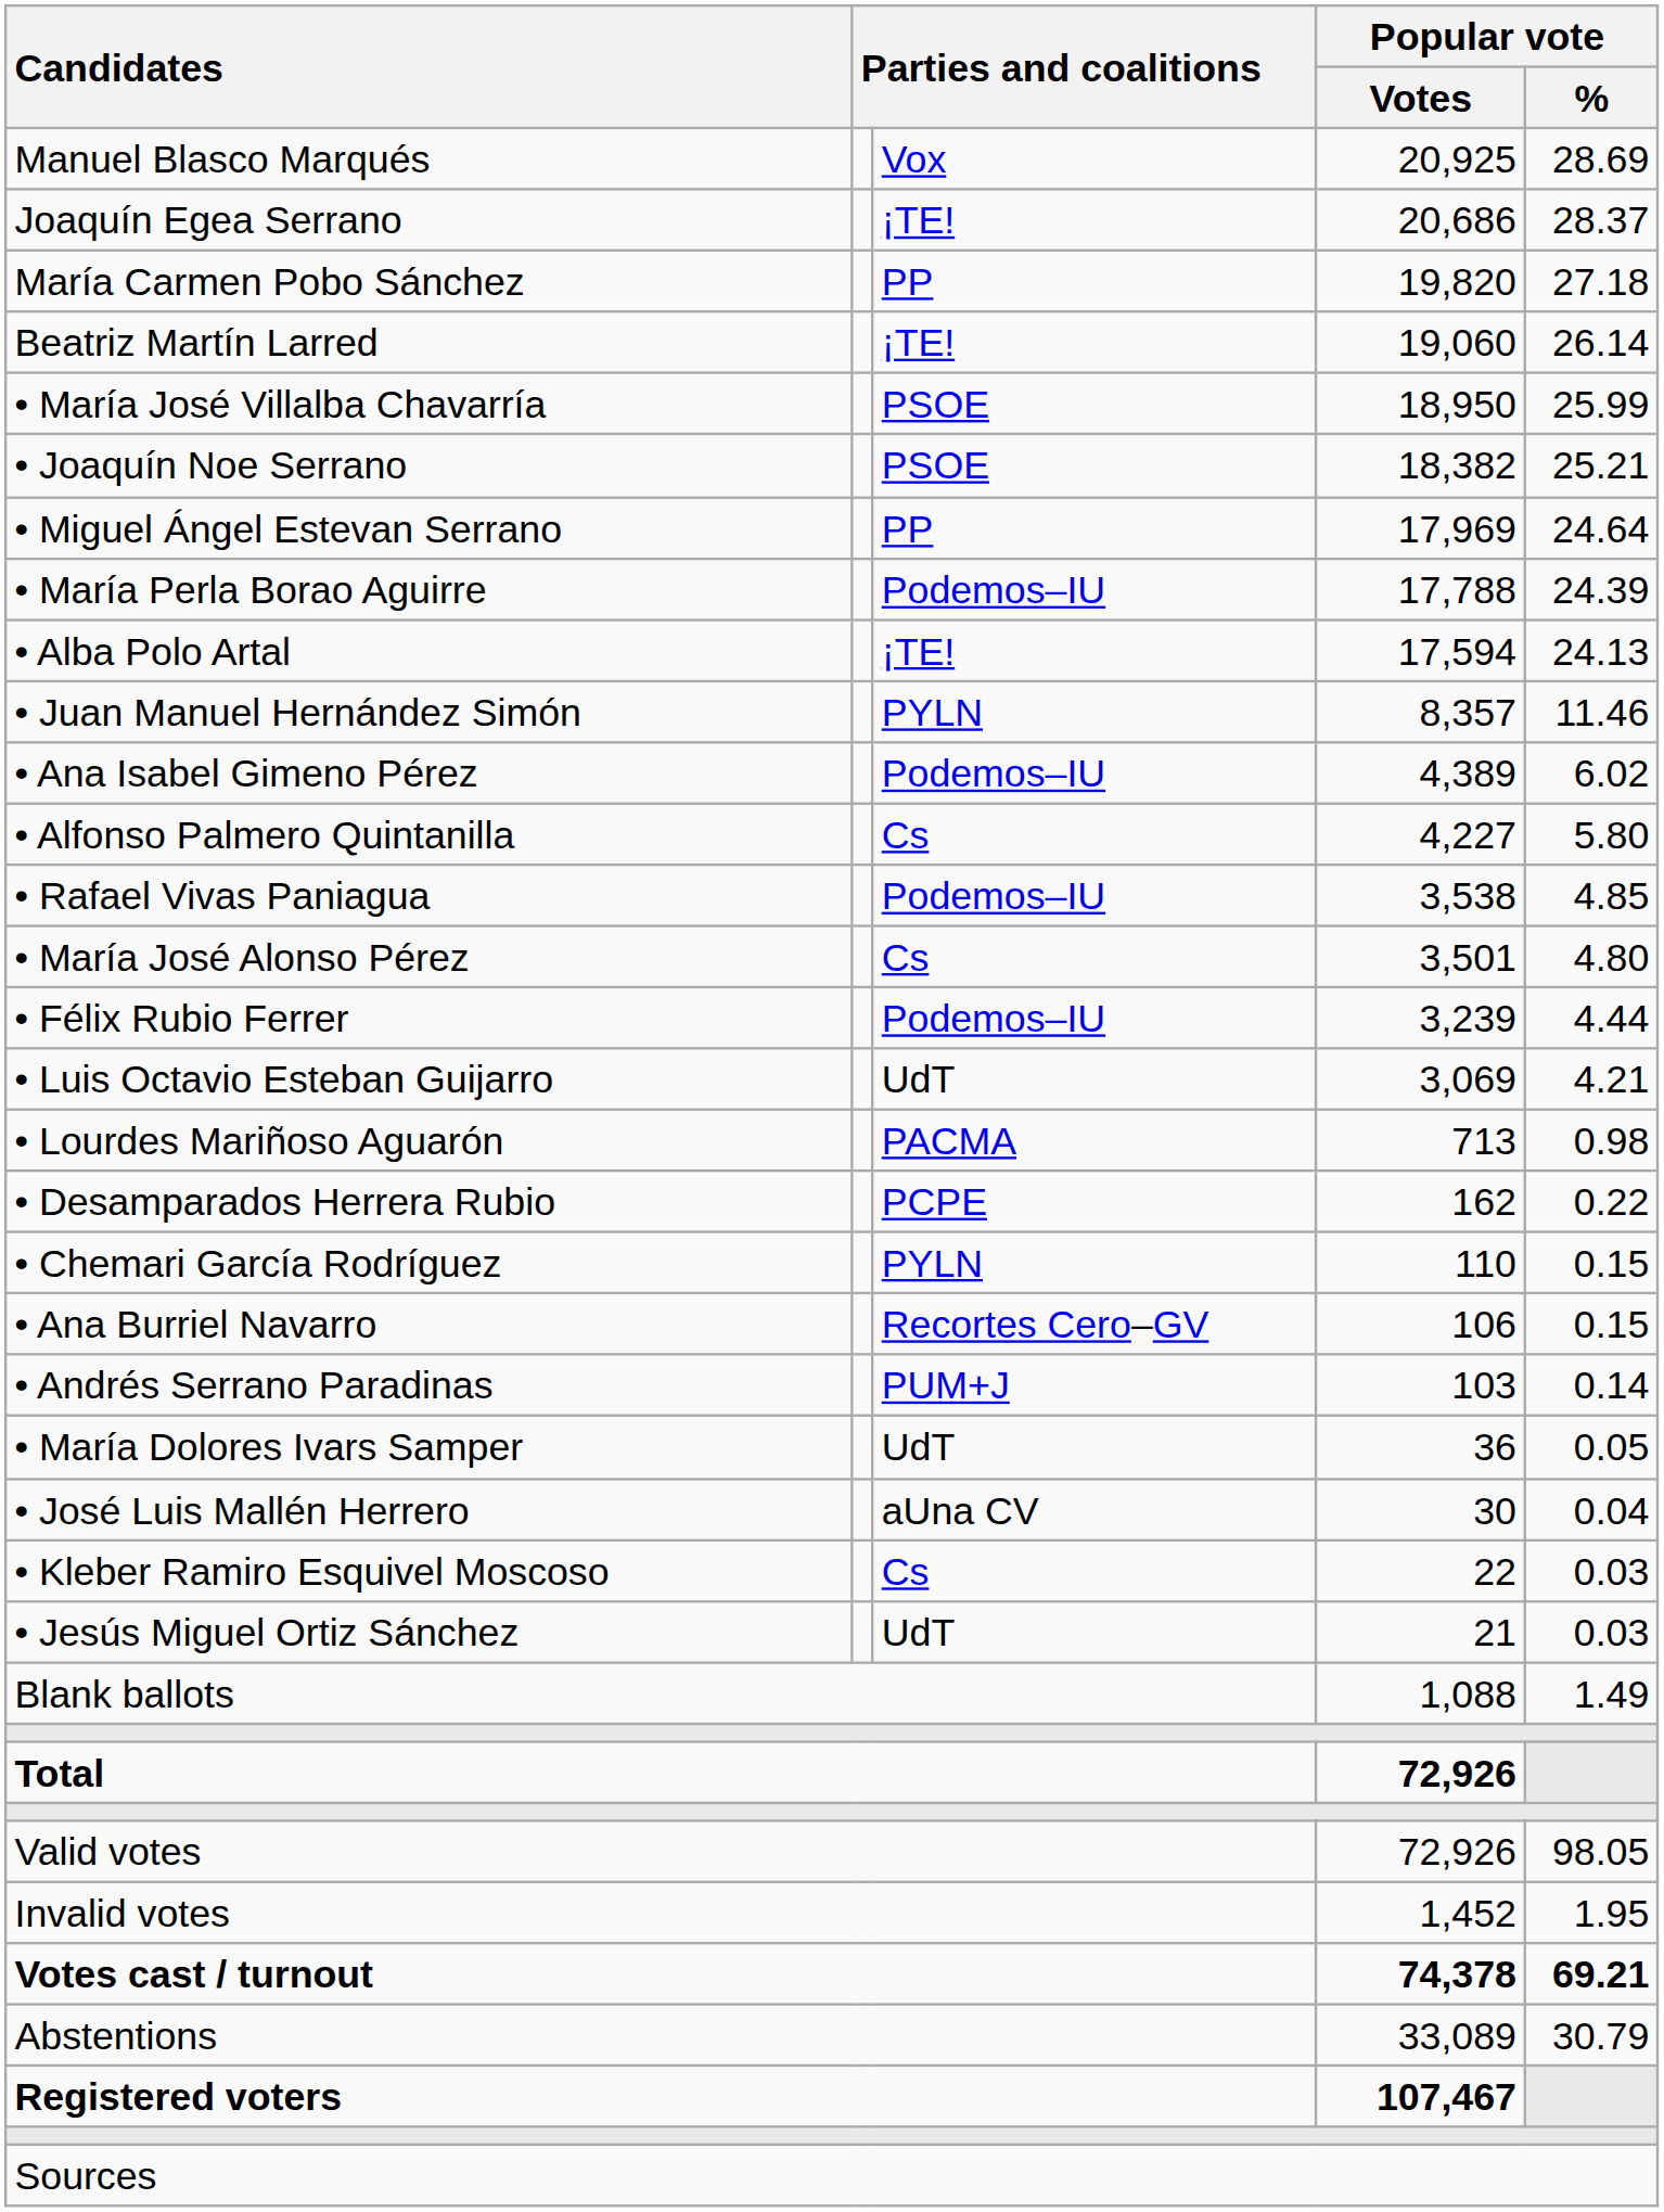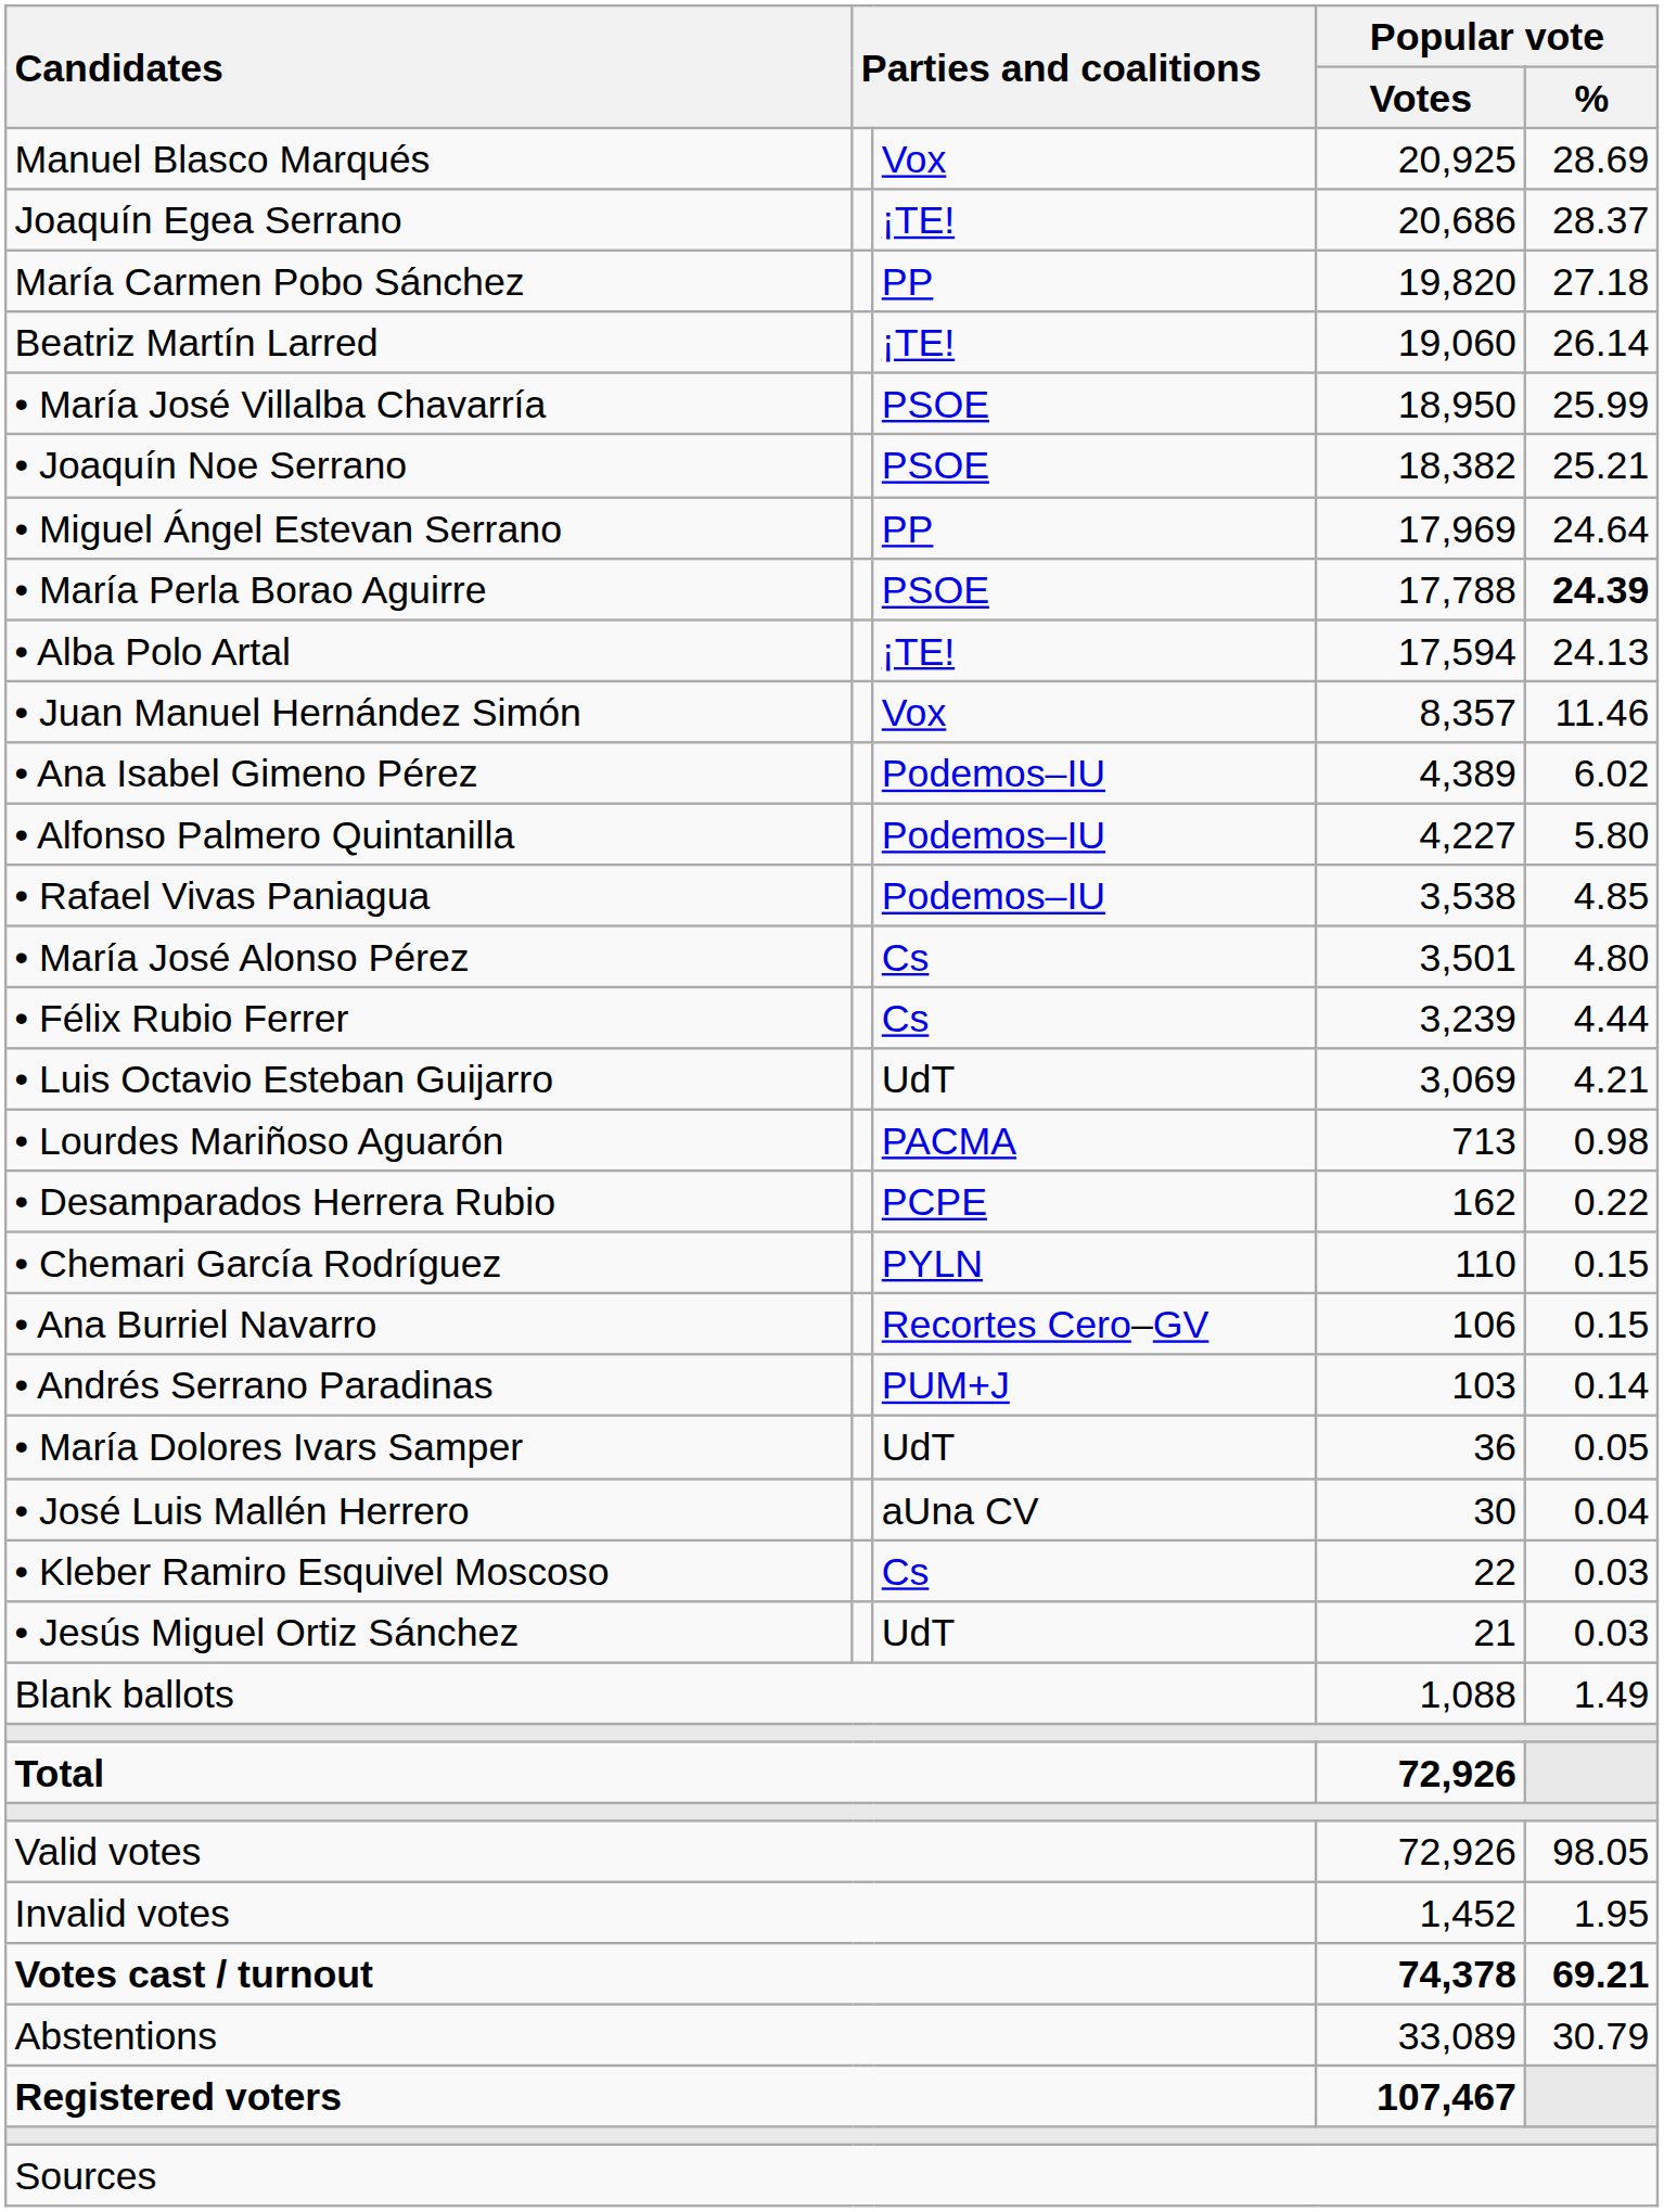 <table class="wikitable" style="text-align:right; font-size:95%;">
 <tr>
 <th style="text-align:left;" rowspan="2" width="325">Candidates</th>
 <th style="text-align:left;" rowspan="2" colspan="2" width="175">Parties and coalitions</th>
 <th colspan="2">Popular vote</th>
 </tr>
 <tr>
 <th width="75">Votes</th>
 <th width="45">%</th>
 </tr>
 <tr>
 <td align="left"> Manuel Blasco Marqués</td>
 <td width="1" style="color:inherit;background:"></td>
 <td align="left"><a href='#'>Vox</a></td>
 <td>20,925</td>
 <td>28.69</td>
 </tr>
 <tr>
 <td align="left"> Joaquín Egea Serrano</td>
 <td style="color:inherit;background:"></td>
 <td align="left"><a href='#'>¡TE!</a></td>
 <td>20,686</td>
 <td>28.37</td>
 </tr>
 <tr>
 <td align="left"> María Carmen Pobo Sánchez</td>
 <td style="color:inherit;background:"></td>
 <td align="left"><a href='#'>PP</a></td>
 <td>19,820</td>
 <td>27.18</td>
 </tr>
 <tr>
 <td align="left"> Beatriz Martín Larred</td>
 <td style="color:inherit;background:"></td>
 <td align="left"><a href='#'>¡TE!</a></td>
 <td>19,060</td>
 <td>26.14</td>
 </tr>
 <tr>
 <td align="left">• María José Villalba Chavarría</td>
 <td style="color:inherit;background:"></td>
 <td align="left"><a href='#'>PSOE</a></td>
 <td>18,950</td>
 <td>25.99</td>
 </tr>
 <tr>
 <td align="left">• Joaquín Noe Serrano</td>
 <td style="color:inherit;background:"></td>
 <td align="left"><a href='#'>PSOE</a></td>
 <td>18,382</td>
 <td>25.21</td>
 </tr>
 <tr>
 <td align="left">• Miguel Ángel Estevan Serrano</td>
 <td style="color:inherit;background:"></td>
 <td align="left"><a href='#'>PP</a></td>
 <td>17,969</td>
 <td>24.64</td>
 </tr>
 <tr>
 <td align="left">• María Perla Borao Aguirre</td>
 <td style="color:inherit;background:"></td>
-<td align="left"><a href='#'>Podemos–IU</a></td>
+<td align="left"><a href='#'>PSOE</a></td>
 <td>17,788</td>
-<td>24.39</td>
+<td><strong>24.39</strong></td>
 </tr>
 <tr>
 <td align="left">• Alba Polo Artal</td>
 <td style="color:inherit;background:"></td>
 <td align="left"><a href='#'>¡TE!</a></td>
 <td>17,594</td>
 <td>24.13</td>
 </tr>
 <tr>
 <td align="left">• Juan Manuel Hernández Simón</td>
 <td style="color:inherit;background:"></td>
-<td align="left"><a href='#'>PYLN</a></td>
+<td align="left"><a href='#'>Vox</a></td>
 <td>8,357</td>
 <td>11.46</td>
 </tr>
 <tr>
 <td align="left">• Ana Isabel Gimeno Pérez</td>
 <td style="color:inherit;background:"></td>
 <td align="left"><a href='#'>Podemos–IU</a></td>
 <td>4,389</td>
 <td>6.02</td>
 </tr>
 <tr>
 <td align="left">• Alfonso Palmero Quintanilla</td>
 <td style="color:inherit;background:"></td>
-<td align="left"><a href='#'>Cs</a></td>
+<td align="left"><a href='#'>Podemos–IU</a></td>
 <td>4,227</td>
 <td>5.80</td>
 </tr>
 <tr>
 <td align="left">• Rafael Vivas Paniagua</td>
 <td style="color:inherit;background:"></td>
 <td align="left"><a href='#'>Podemos–IU</a></td>
 <td>3,538</td>
 <td>4.85</td>
 </tr>
 <tr>
 <td align="left">• María José Alonso Pérez</td>
 <td style="color:inherit;background:"></td>
 <td align="left"><a href='#'>Cs</a></td>
 <td>3,501</td>
 <td>4.80</td>
 </tr>
 <tr>
 <td align="left">• Félix Rubio Ferrer</td>
 <td style="color:inherit;background:"></td>
-<td align="left"><a href='#'>Podemos–IU</a></td>
+<td align="left"><a href='#'>Cs</a></td>
 <td>3,239</td>
 <td>4.44</td>
 </tr>
 <tr>
 <td align="left">• Luis Octavio Esteban Guijarro</td>
 <td style="color:inherit;background:"></td>
 <td align="left">UdT</td>
 <td>3,069</td>
 <td>4.21</td>
 </tr>
 <tr>
 <td align="left">• Lourdes Mariñoso Aguarón</td>
 <td style="color:inherit;background:"></td>
 <td align="left"><a href='#'>PACMA</a></td>
 <td>713</td>
 <td>0.98</td>
 </tr>
 <tr>
 <td align="left">• Desamparados Herrera Rubio</td>
 <td style="color:inherit;background:"></td>
 <td align="left"><a href='#'>PCPE</a></td>
 <td>162</td>
 <td>0.22</td>
 </tr>
 <tr>
 <td align="left">• Chemari García Rodríguez</td>
 <td style="color:inherit;background:"></td>
 <td align="left"><a href='#'>PYLN</a></td>
 <td>110</td>
 <td>0.15</td>
 </tr>
 <tr>
 <td align="left">• Ana Burriel Navarro</td>
 <td style="color:inherit;background:"></td>
 <td align="left"><a href='#'>Recortes Cero</a>–<a href='#'>GV</a></td>
 <td>106</td>
 <td>0.15</td>
 </tr>
 <tr>
 <td align="left">• Andrés Serrano Paradinas</td>
 <td style="color:inherit;background:"></td>
 <td align="left"><a href='#'>PUM+J</a></td>
 <td>103</td>
 <td>0.14</td>
 </tr>
 <tr>
 <td align="left">• María Dolores Ivars Samper</td>
 <td style="color:inherit;background:"></td>
 <td align="left">UdT</td>
 <td>36</td>
 <td>0.05</td>
 </tr>
 <tr>
 <td align="left">• José Luis Mallén Herrero</td>
 <td style="color:inherit;background:"></td>
 <td align="left">aUna CV</td>
 <td>30</td>
 <td>0.04</td>
 </tr>
 <tr>
 <td align="left">• Kleber Ramiro Esquivel Moscoso</td>
 <td style="color:inherit;background:"></td>
 <td align="left"><a href='#'>Cs</a></td>
 <td>22</td>
 <td>0.03</td>
 </tr>
 <tr>
 <td align="left">• Jesús Miguel Ortiz Sánchez</td>
 <td style="color:inherit;background:"></td>
 <td align="left">UdT</td>
 <td>21</td>
 <td>0.03</td>
 </tr>
 <tr>
 <td align="left" colspan="3">Blank ballots</td>
 <td>1,088</td>
 <td>1.49</td>
 </tr>
 <tr>
 <td colspan="5" bgcolor="#E9E9E9"></td>
 </tr>
 <tr style="font-weight:bold;">
 <td align="left" colspan="3">Total</td>
 <td>72,926</td>
 <td bgcolor="#E9E9E9"></td>
 </tr>
 <tr>
 <td colspan="5" bgcolor="#E9E9E9"></td>
 </tr>
 <tr>
 <td align="left" colspan="3">Valid votes</td>
 <td>72,926</td>
 <td>98.05</td>
 </tr>
 <tr>
 <td align="left" colspan="3">Invalid votes</td>
 <td>1,452</td>
 <td>1.95</td>
 </tr>
 <tr style="font-weight:bold;">
 <td align="left" colspan="3">Votes cast / turnout</td>
 <td>74,378</td>
 <td>69.21</td>
 </tr>
 <tr>
 <td align="left" colspan="3">Abstentions</td>
 <td>33,089</td>
 <td>30.79</td>
 </tr>
 <tr style="font-weight:bold;">
 <td align="left" colspan="3">Registered voters</td>
 <td>107,467</td>
 <td bgcolor="#E9E9E9"></td>
 </tr>
 <tr>
 <td colspan="5" bgcolor="#E9E9E9"></td>
 </tr>
 <tr>
 <td align="left" colspan="5">Sources</td>
 </tr>
 </table>
